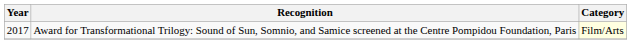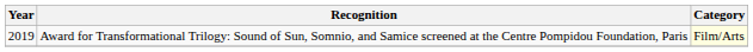 <table class="wikitable">
 <tr>
 <th>Year</th>
 <th>Recognition</th>
 <th>Category</th>
 </tr>
 <tr>
-<td>2017</td>
+<td>2019</td>
 <td>Award for Transformational Trilogy: Sound of Sun, Somnio, and Samice screened at the Centre Pompidou Foundation, Paris</td>
 <td style="background: lightyellow;">Film/Arts</td>
 </tr>
 <tr>
 </tr>
 </table>
